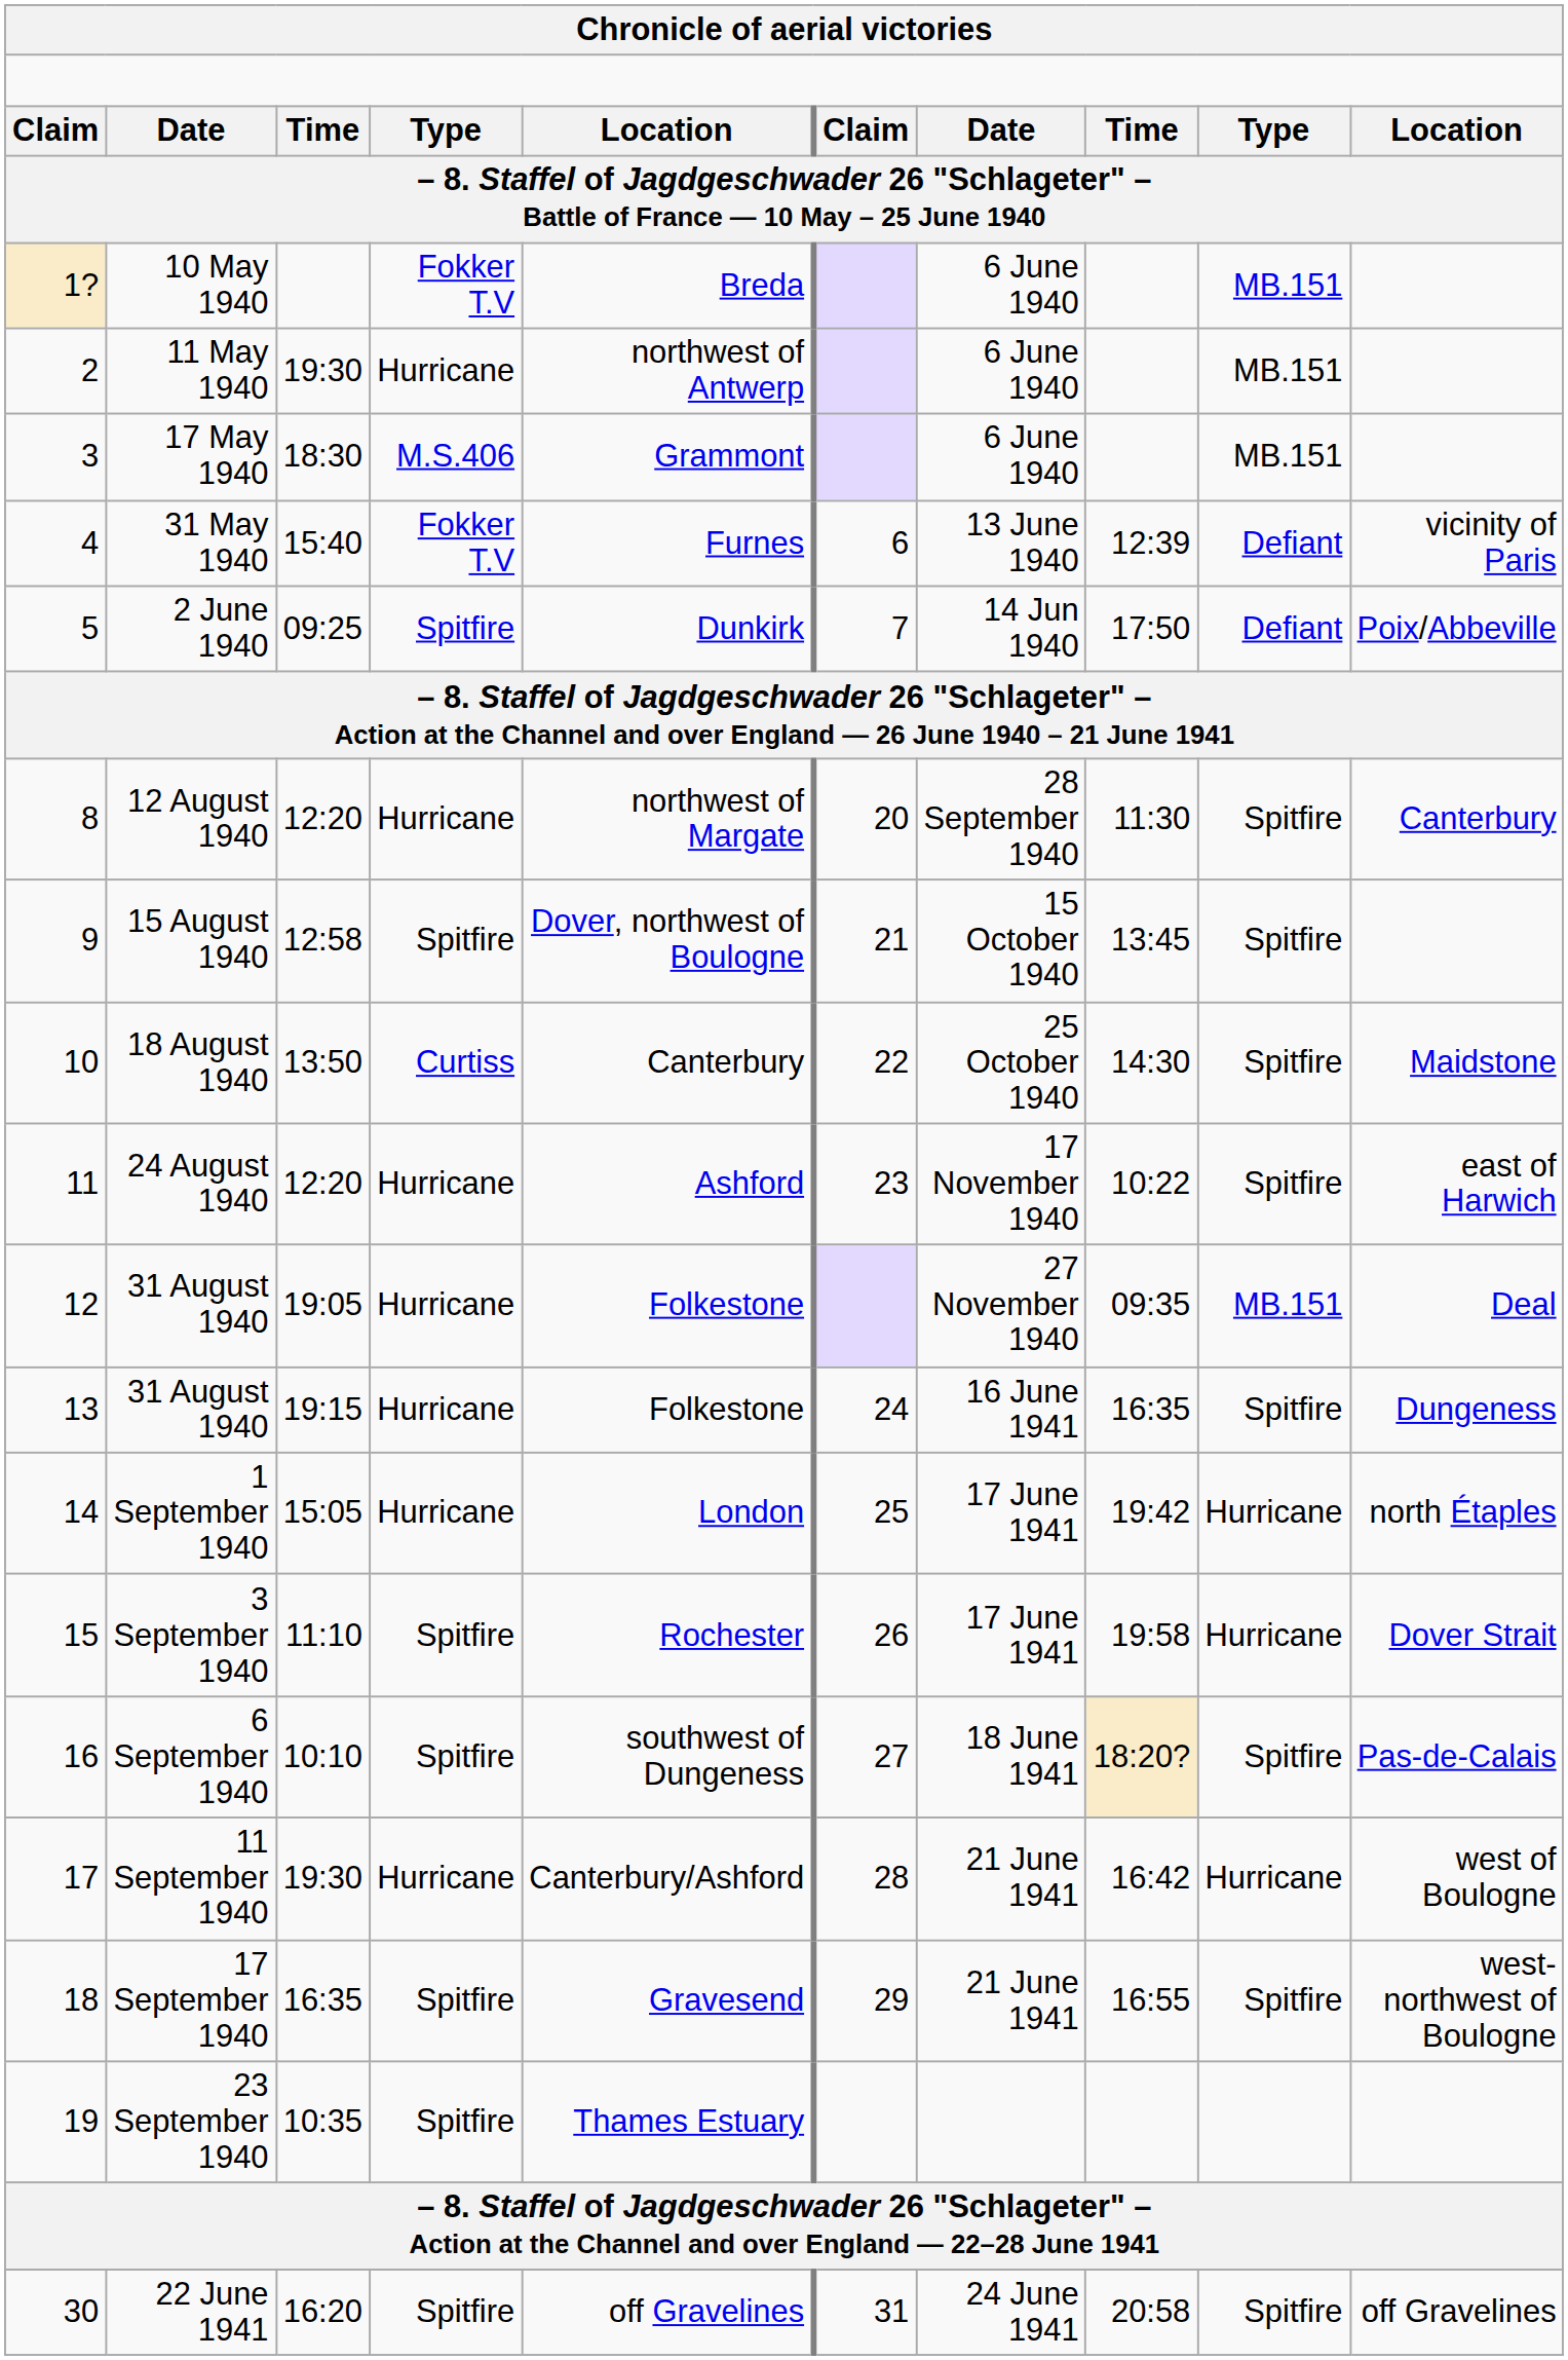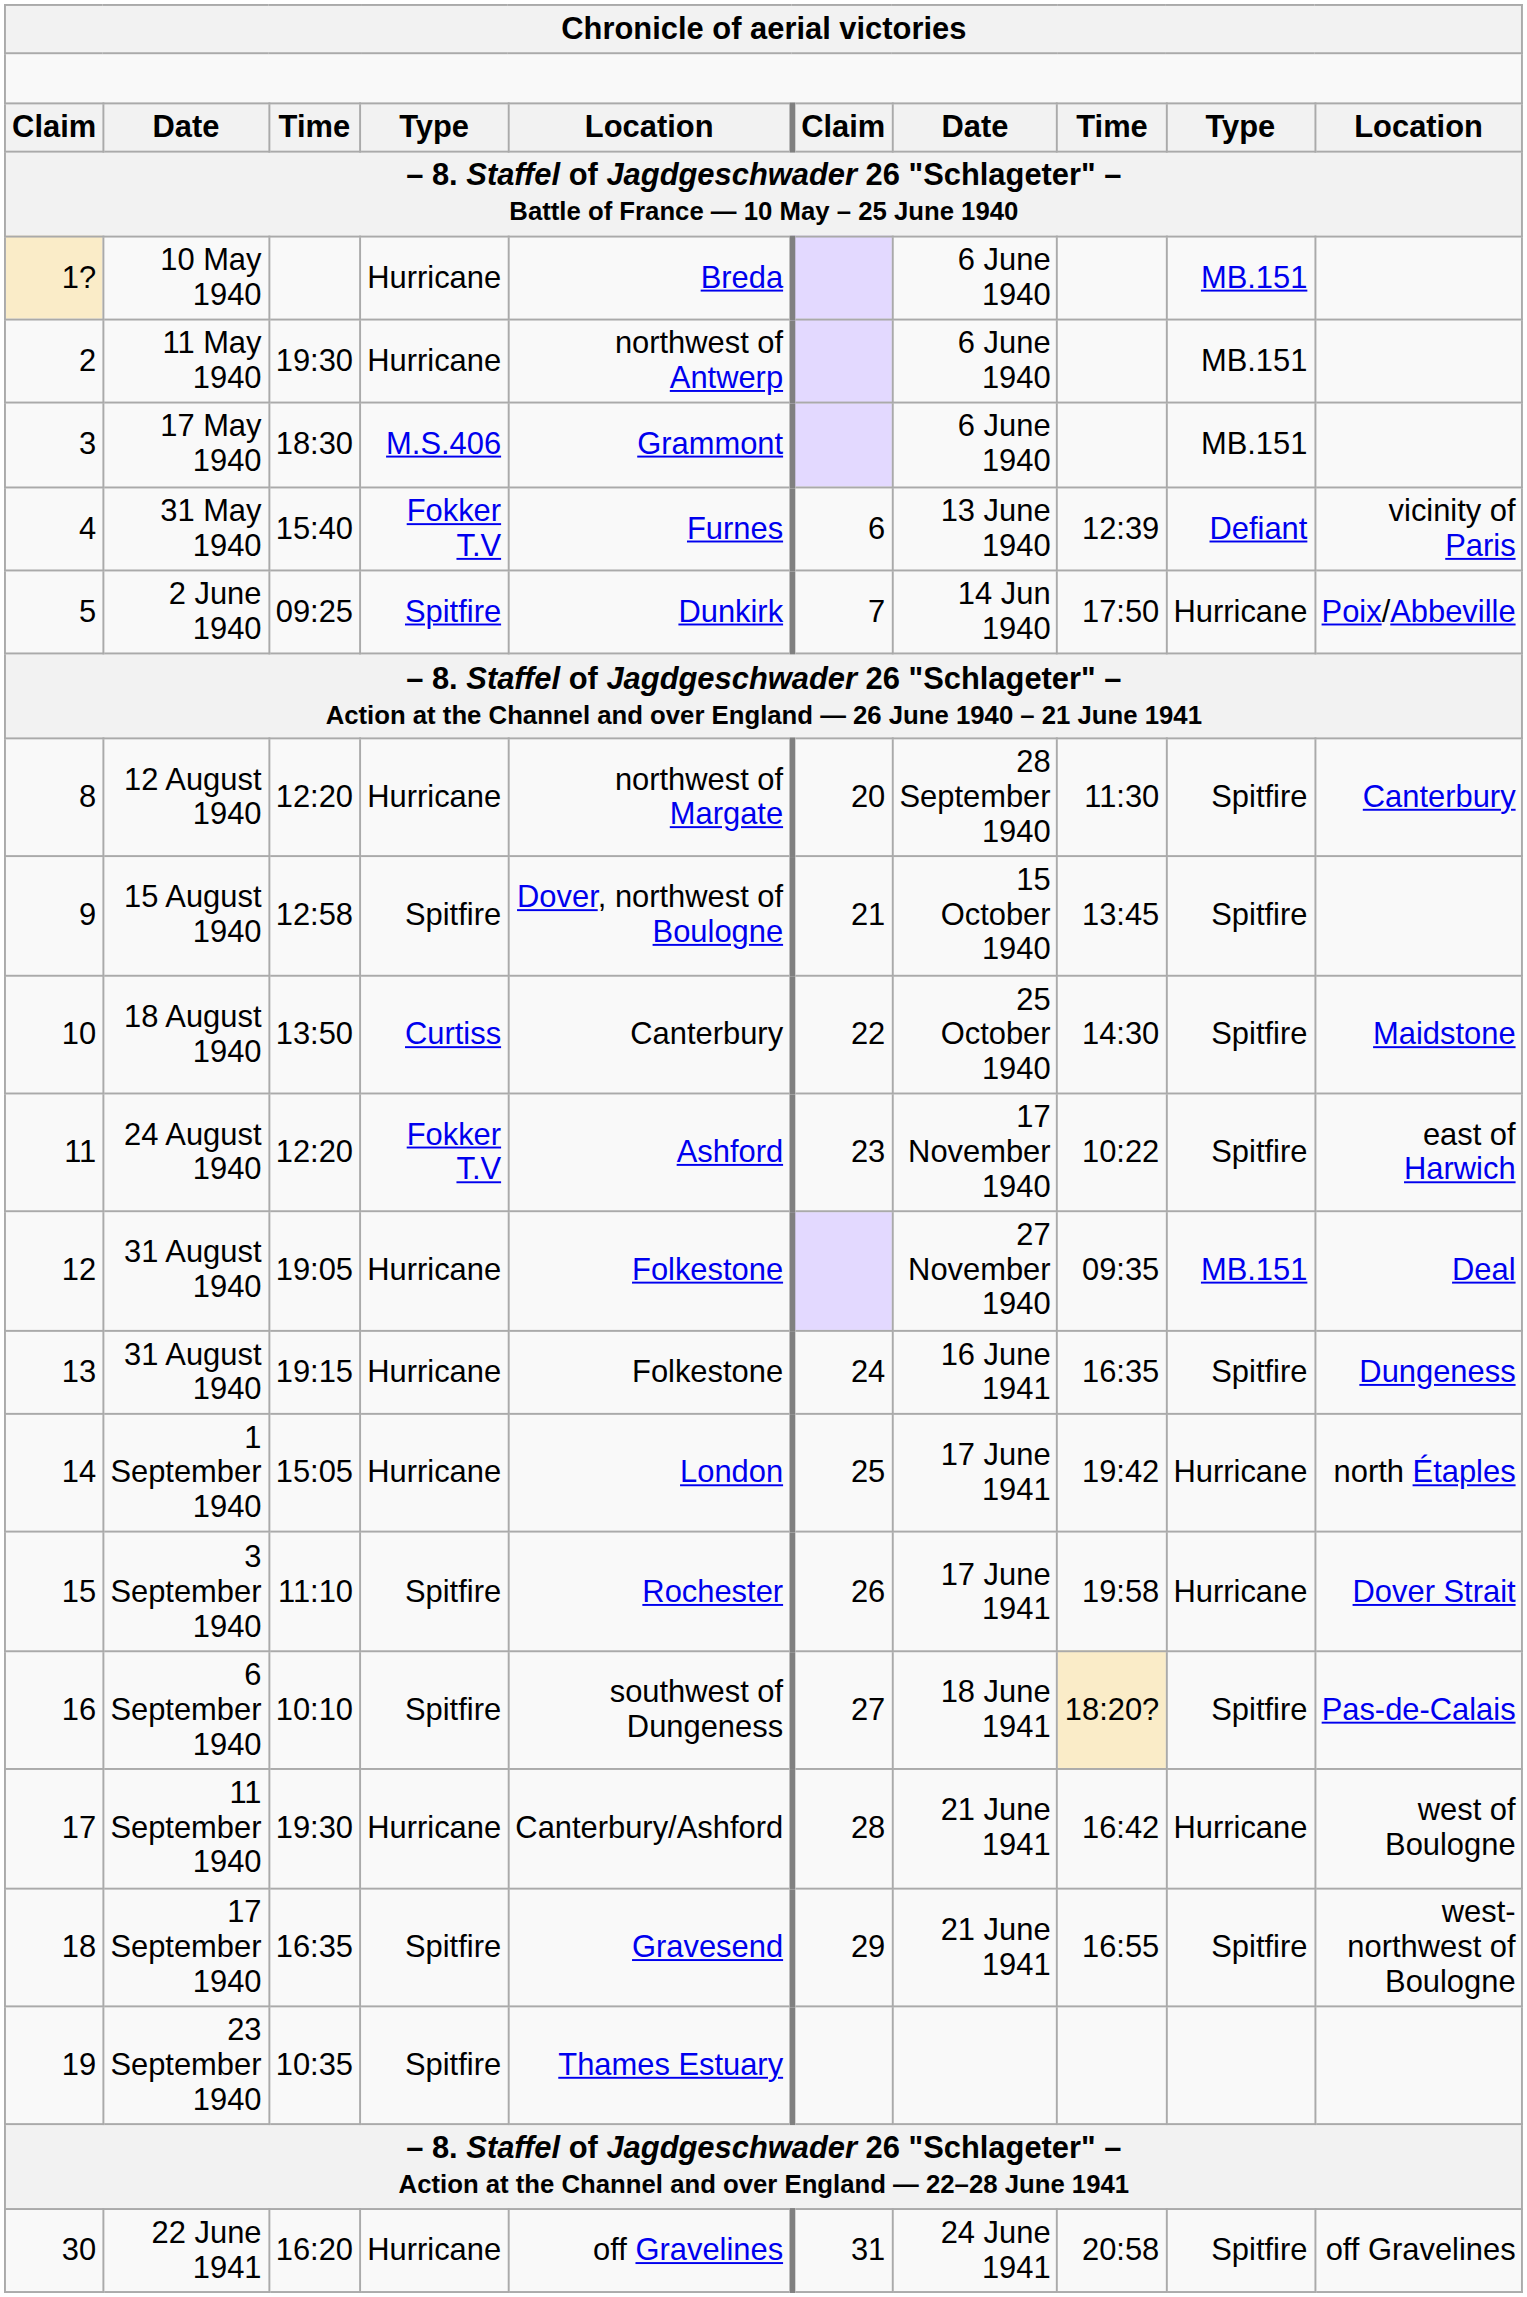 <table class="wikitable plainrowheaders collapsible" style="margin-left: auto; margin-right: auto; border: none; text-align:right; width: 100%;">
 <tr>
 <th colspan="10">Chronicle of aerial victories</th>
 </tr>
 <tr>
 <td colspan="10" style="text-align: left;"><br> </td>
 </tr>
 <tr>
 <th scope="col" width="100px">Claim</th>
 <th scope="col">Date</th>
 <th scope="col">Time</th>
 <th scope="col" width="100px">Type</th>
 <th scope="col">Location</th>
 <th scope="col" style="border-left: 3px solid grey;" width="100px">Claim</th>
 <th scope="col">Date</th>
 <th scope="col">Time</th>
 <th scope="col" width="100px">Type</th>
 <th scope="col">Location</th>
 </tr>
 <tr>
 <th colspan="10">– 8. <em>Staffel</em> of <em>Jagdgeschwader</em> 26 "Schlageter" –<br><small>Battle of France — 10 May – 25 June 1940</small></th>
 </tr>
 <tr>
 <td style="background:#faecc8">1?</td>
 <td>10 May 1940</td>
 <td></td>
-<td><a href='#'>Fokker T.V</a></td>
+<td>Hurricane</td>
 <td><a href='#'>Breda</a></td>
 <td style="border-left: 3px solid grey; background:#e3d9ff;"></td>
 <td>6 June 1940</td>
 <td></td>
 <td><a href='#'>MB.151</a></td>
 <td></td>
 </tr>
 <tr>
 <td>2</td>
 <td>11 May 1940</td>
 <td>19:30</td>
 <td>Hurricane</td>
 <td>northwest of <a href='#'>Antwerp</a></td>
 <td style="border-left: 3px solid grey; background:#e3d9ff;"></td>
 <td>6 June 1940</td>
 <td></td>
 <td>MB.151</td>
 <td></td>
 </tr>
 <tr>
 <td>3</td>
 <td>17 May 1940</td>
 <td>18:30</td>
 <td><a href='#'>M.S.406</a></td>
 <td><a href='#'>Grammont</a></td>
 <td style="border-left: 3px solid grey; background:#e3d9ff;"></td>
 <td>6 June 1940</td>
 <td></td>
 <td>MB.151</td>
 <td></td>
 </tr>
 <tr>
 <td>4</td>
 <td>31 May 1940</td>
 <td>15:40</td>
 <td><a href='#'>Fokker T.V</a></td>
 <td><a href='#'>Furnes</a></td>
 <td style="border-left: 3px solid grey;">6</td>
 <td>13 June 1940</td>
 <td>12:39</td>
 <td><a href='#'>Defiant</a></td>
 <td>vicinity of <a href='#'>Paris</a></td>
 </tr>
 <tr>
 <td>5</td>
 <td>2 June 1940</td>
 <td>09:25</td>
 <td><a href='#'>Spitfire</a></td>
 <td><a href='#'>Dunkirk</a></td>
 <td style="border-left: 3px solid grey;">7</td>
 <td>14 Jun 1940</td>
 <td>17:50</td>
-<td><a href='#'>Defiant</a></td>
+<td>Hurricane</td>
 <td><a href='#'>Poix</a>/<a href='#'>Abbeville</a></td>
 </tr>
 <tr>
 <th colspan="10">– 8. <em>Staffel</em> of <em>Jagdgeschwader</em> 26 "Schlageter" –<br><small>Action at the Channel and over England — 26 June 1940 – 21 June 1941</small></th>
 </tr>
 <tr>
 <td>8</td>
 <td>12 August 1940</td>
 <td>12:20</td>
 <td>Hurricane</td>
 <td>northwest of <a href='#'>Margate</a></td>
 <td style="border-left: 3px solid grey;">20</td>
 <td>28 September 1940</td>
 <td>11:30</td>
 <td>Spitfire</td>
 <td><a href='#'>Canterbury</a></td>
 </tr>
 <tr>
 <td>9</td>
 <td>15 August 1940</td>
 <td>12:58</td>
 <td>Spitfire</td>
 <td><a href='#'>Dover</a>, northwest of <a href='#'>Boulogne</a></td>
 <td style="border-left: 3px solid grey;">21</td>
 <td>15 October 1940</td>
 <td>13:45</td>
 <td>Spitfire</td>
 <td></td>
 </tr>
 <tr>
 <td>10</td>
 <td>18 August 1940</td>
 <td>13:50</td>
 <td><a href='#'>Curtiss</a></td>
 <td>Canterbury</td>
 <td style="border-left: 3px solid grey;">22</td>
 <td>25 October 1940</td>
 <td>14:30</td>
 <td>Spitfire</td>
 <td><a href='#'>Maidstone</a></td>
 </tr>
 <tr>
 <td>11</td>
 <td>24 August 1940</td>
 <td>12:20</td>
-<td>Hurricane</td>
+<td><a href='#'>Fokker T.V</a></td>
 <td><a href='#'>Ashford</a></td>
 <td style="border-left: 3px solid grey;">23</td>
 <td>17 November 1940</td>
 <td>10:22</td>
 <td>Spitfire</td>
 <td>east of <a href='#'>Harwich</a></td>
 </tr>
 <tr>
 <td>12</td>
 <td>31 August 1940</td>
 <td>19:05</td>
 <td>Hurricane</td>
 <td><a href='#'>Folkestone</a></td>
 <td style="border-left: 3px solid grey; background:#e3d9ff;"></td>
 <td>27 November 1940</td>
 <td>09:35</td>
 <td><a href='#'>MB.151</a></td>
 <td><a href='#'>Deal</a></td>
 </tr>
 <tr>
 <td>13</td>
 <td>31 August 1940</td>
 <td>19:15</td>
 <td>Hurricane</td>
 <td>Folkestone</td>
 <td style="border-left: 3px solid grey;">24</td>
 <td>16 June 1941</td>
 <td>16:35</td>
 <td>Spitfire</td>
 <td><a href='#'>Dungeness</a></td>
 </tr>
 <tr>
 <td>14</td>
 <td>1 September 1940</td>
 <td>15:05</td>
 <td>Hurricane</td>
 <td><a href='#'>London</a></td>
 <td style="border-left: 3px solid grey;">25</td>
 <td>17 June 1941</td>
 <td>19:42</td>
 <td>Hurricane</td>
 <td>north <a href='#'>Étaples</a></td>
 </tr>
 <tr>
 <td>15</td>
 <td>3 September 1940</td>
 <td>11:10</td>
 <td>Spitfire</td>
 <td><a href='#'>Rochester</a></td>
 <td style="border-left: 3px solid grey;">26</td>
 <td>17 June 1941</td>
 <td>19:58</td>
 <td>Hurricane</td>
 <td><a href='#'>Dover Strait</a></td>
 </tr>
 <tr>
 <td>16</td>
 <td>6 September 1940</td>
 <td>10:10</td>
 <td>Spitfire</td>
 <td>southwest of Dungeness</td>
 <td style="border-left: 3px solid grey;">27</td>
 <td>18 June 1941</td>
 <td style="background:#faecc8">18:20?</td>
 <td>Spitfire</td>
 <td><a href='#'>Pas-de-Calais</a></td>
 </tr>
 <tr>
 <td>17</td>
 <td>11 September 1940</td>
 <td>19:30</td>
 <td>Hurricane</td>
 <td>Canterbury/Ashford</td>
 <td style="border-left: 3px solid grey;">28</td>
 <td>21 June 1941</td>
 <td>16:42</td>
 <td>Hurricane</td>
 <td>west of Boulogne</td>
 </tr>
 <tr>
 <td>18</td>
 <td>17 September 1940</td>
 <td>16:35</td>
 <td>Spitfire</td>
 <td><a href='#'>Gravesend</a></td>
 <td style="border-left: 3px solid grey;">29</td>
 <td>21 June 1941</td>
 <td>16:55</td>
 <td>Spitfire</td>
 <td> west-northwest of Boulogne</td>
 </tr>
 <tr>
 <td>19</td>
 <td>23 September 1940</td>
 <td>10:35</td>
 <td>Spitfire</td>
 <td><a href='#'>Thames Estuary</a></td>
 <td style="border-left: 3px solid grey;"></td>
 <td></td>
 <td></td>
 <td></td>
 <td></td>
 </tr>
 <tr>
 <th colspan="10">– 8. <em>Staffel</em> of <em>Jagdgeschwader</em> 26 "Schlageter" –<br><small>Action at the Channel and over England — 22–28 June 1941</small></th>
 </tr>
 <tr>
 <td>30</td>
 <td>22 June 1941</td>
 <td>16:20</td>
-<td>Spitfire</td>
+<td>Hurricane</td>
 <td>off <a href='#'>Gravelines</a></td>
 <td style="border-left: 3px solid grey;">31</td>
 <td>24 June 1941</td>
 <td>20:58</td>
 <td>Spitfire</td>
 <td>off Gravelines</td>
 </tr>
 </table>
